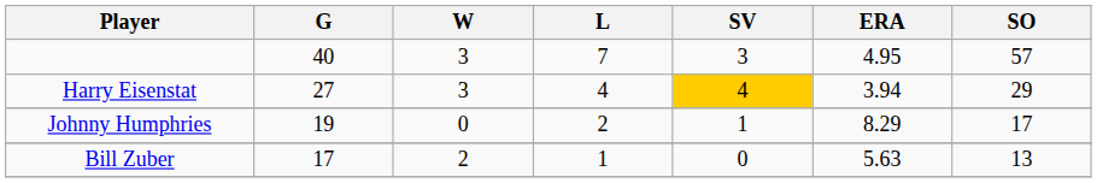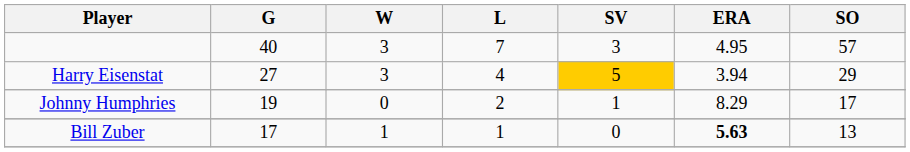 <table class="wikitable sortable">
 <tr>
 <th bgcolor="#DDDDFF" width="16%">Player</th>
 <th bgcolor="#DDDDFF" width="9%">G</th>
 <th bgcolor="#DDDDFF" width="9%">W</th>
 <th bgcolor="#DDDDFF" width="9%">L</th>
 <th bgcolor="#DDDDFF" width="9%">SV</th>
 <th bgcolor="#DDDDFF" width="9%">ERA</th>
 <th bgcolor="#DDDDFF" width="9%">SO</th>
 </tr>
 <tr align="center">
 <td></td>
 <td>40</td>
 <td>3</td>
 <td>7</td>
 <td>3</td>
 <td>4.95</td>
 <td>57</td>
 </tr>
 <tr align="center">
 <td><a href='#'>Harry Eisenstat</a></td>
 <td>27</td>
 <td>3</td>
 <td>4</td>
-<td style="background:#fc0;">4</td>
+<td style="background:#fc0;">5</td>
 <td>3.94</td>
 <td>29</td>
 </tr>
 <tr>
 </tr>
 <tr align="center">
 <td><a href='#'>Johnny Humphries</a></td>
 <td>19</td>
 <td>0</td>
 <td>2</td>
 <td>1</td>
 <td>8.29</td>
 <td>17</td>
 </tr>
 <tr>
 </tr>
 <tr align="center">
 <td><a href='#'>Bill Zuber</a></td>
 <td>17</td>
-<td>2</td>
+<td>1</td>
 <td>1</td>
 <td>0</td>
-<td>5.63</td>
+<td><strong>5.63</strong></td>
 <td>13</td>
 </tr>
 <tr align="center">
 </tr>
 </table>
